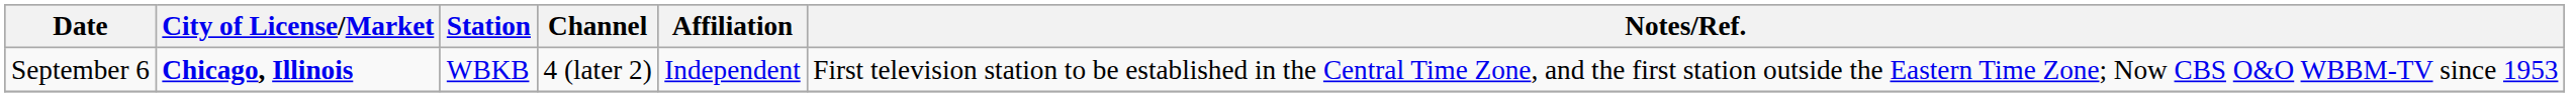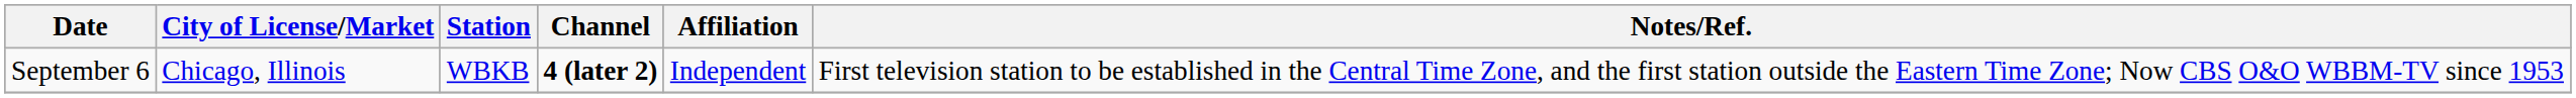 <table class="wikitable sortable">
 <tr>
 <th>Date</th>
 <th><a href='#'>City of License</a>/<a href='#'>Market</a></th>
 <th><a href='#'>Station</a></th>
 <th>Channel</th>
 <th>Affiliation</th>
 <th>Notes/Ref.</th>
 </tr>
 <tr>
 <td>September 6</td>
-<td><strong><a href='#'>Chicago</a>, <a href='#'>Illinois</a></strong></td>
+<td><a href='#'>Chicago</a>, <a href='#'>Illinois</a></td>
 <td><a href='#'>WBKB</a></td>
-<td>4 (later 2)</td>
+<td><strong>4 (later 2)</strong></td>
 <td><a href='#'>Independent</a></td>
 <td>First television station to be established in the <a href='#'>Central Time Zone</a>, and the first station outside the <a href='#'>Eastern Time Zone</a>; Now <a href='#'>CBS</a> <a href='#'>O&O</a> <a href='#'>WBBM-TV</a> since <a href='#'>1953</a></td>
 </tr>
 <tr>
 </tr>
 </table>
